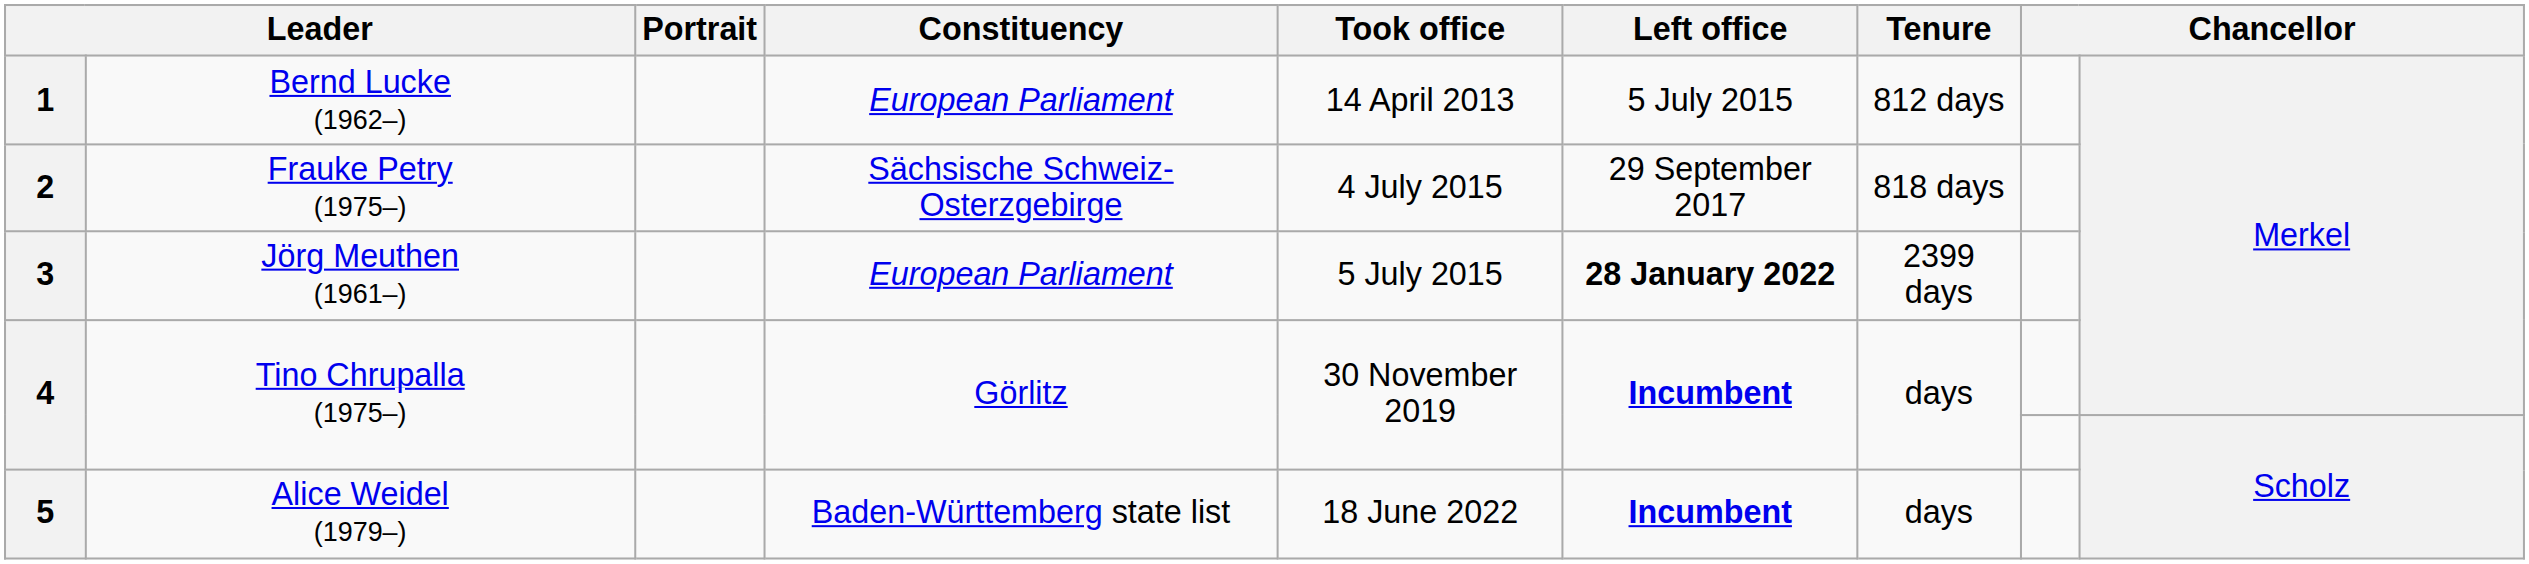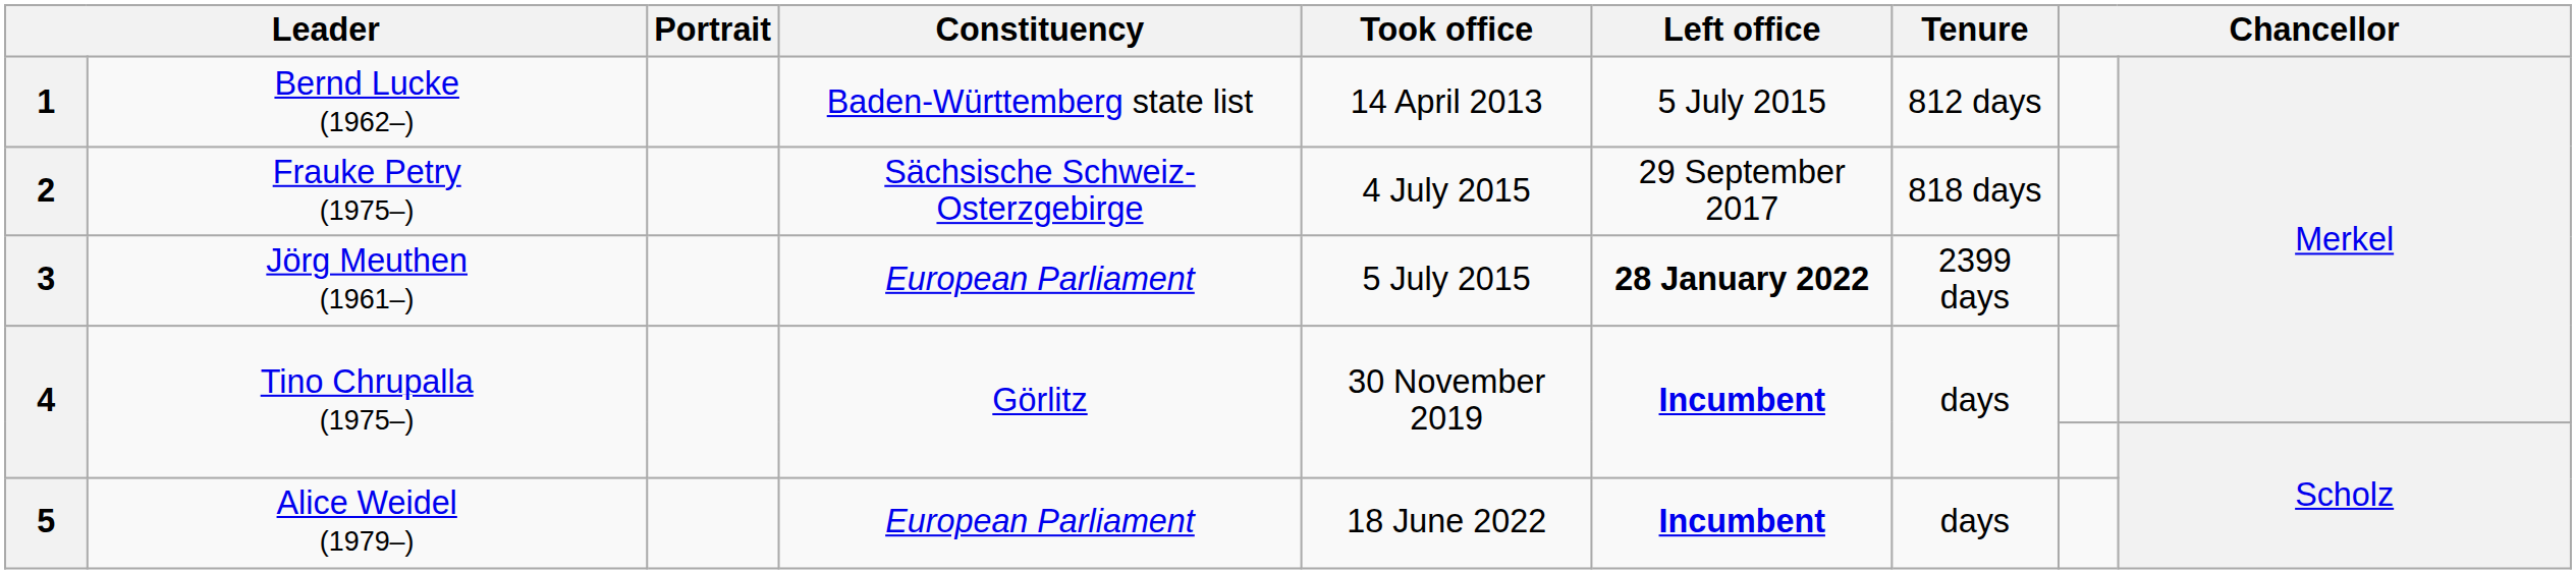 <table class="wikitable" style="text-align:center">
 <tr>
 <th colspan="2" width=25%>Leader</th>
 <th>Portrait</th>
 <th>Constituency</th>
 <th>Took office</th>
 <th>Left office</th>
 <th>Tenure</th>
 <th colspan="2" width="20%">Chancellor<br></th>
 </tr>
 <tr>
 <th style="background-color: ">1</th>
 <td><a href='#'>Bernd Lucke</a><br><small>(1962–)</small></td>
 <td></td>
-<td><em><a href='#'>European Parliament</a></em></td>
+<td><a href='#'>Baden-Württemberg</a> state list</td>
 <td>14 April 2013</td>
 <td>5 July 2015<br></td>
 <td>812 days</td>
 <td height=20 style="background-color: "></td>
 <th style="font-weight:normal" rowspan="4"><a href='#'>Merkel</a><br><small></small></th>
 </tr>
 <tr>
 <th style="background-color: ">2</th>
 <td><a href='#'>Frauke Petry</a><br><small>(1975–)</small></td>
 <td></td>
 <td><a href='#'>Sächsische Schweiz-Osterzgebirge</a></td>
 <td>4 July 2015</td>
 <td>29 September 2017<br></td>
 <td>818 days</td>
 <td height=20 style="background-color: "></td>
 </tr>
 <tr>
 <th style="background-color: ">3</th>
 <td><a href='#'>Jörg Meuthen</a><br><small>(1961–)</small></td>
 <td></td>
 <td><em><a href='#'>European Parliament</a></em></td>
 <td>5 July 2015</td>
 <td><strong>28 January 2022<br></strong></td>
 <td>2399 days</td>
 <td height=20 style="background-color: "></td>
 </tr>
 <tr>
 <th rowspan="2" style="background-color: ">4</th>
 <td rowspan="2"><a href='#'>Tino Chrupalla</a><br><small>(1975–)</small></td>
 <td rowspan="2"></td>
 <td rowspan="2"><a href='#'>Görlitz</a></td>
 <td rowspan="2">30 November 2019</td>
 <td rowspan="2"><strong><a href='#'>Incumbent</a></strong></td>
 <td rowspan="2"> days</td>
 <td height=40 style="background-color: "></td>
 </tr>
 <tr>
 <td height=20 style="background-color: "></td>
 <th style="font-weight:normal" rowspan="2"><a href='#'>Scholz</a><br><small></small></th>
 </tr>
 <tr>
 <th style="background-color: ">5</th>
 <td><a href='#'>Alice Weidel</a><br><small>(1979–)</small></td>
 <td></td>
-<td><a href='#'>Baden-Württemberg</a> state list</td>
+<td><em><a href='#'>European Parliament</a></em></td>
 <td>18 June 2022</td>
 <td><strong><a href='#'>Incumbent</a></strong></td>
 <td> days</td>
 <td height=20 style="background-color: "></td>
 </tr>
 </table>
